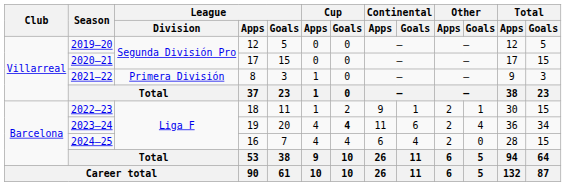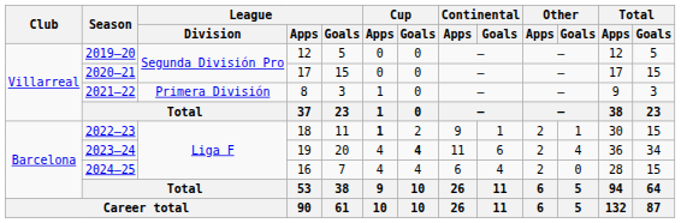 <table class=wikitable style=text-align:center>
 <tr>
 <th rowspan="2">Club</th>
 <th rowspan="2">Season</th>
 <th colspan="3">League</th>
 <th colspan="2">Cup</th>
 <th colspan="2">Continental</th>
 <th colspan="2">Other</th>
 <th colspan="2">Total</th>
 </tr>
 <tr>
 <th>Division</th>
 <th>Apps</th>
 <th>Goals</th>
 <th>Apps</th>
 <th>Goals</th>
 <th>Apps</th>
 <th>Goals</th>
 <th>Apps</th>
 <th>Goals</th>
 <th>Apps</th>
 <th>Goals</th>
 </tr>
 <tr>
 <td rowspan="4"><a href='#'>Villarreal</a></td>
 <td><a href='#'>2019–20</a></td>
 <td rowspan="2"><a href='#'>Segunda División Pro</a></td>
 <td>12</td>
 <td>5</td>
 <td>0</td>
 <td>0</td>
 <td colspan="2">–</td>
 <td colspan="2">–</td>
 <td>12</td>
 <td>5</td>
 </tr>
 <tr>
 <td><a href='#'>2020–21</a></td>
 <td>17</td>
 <td>15</td>
 <td>0</td>
 <td>0</td>
 <td colspan="2">–</td>
 <td colspan="2">–</td>
 <td>17</td>
 <td>15</td>
 </tr>
 <tr>
 <td><a href='#'>2021–22</a></td>
 <td><a href='#'>Primera División</a></td>
 <td>8</td>
 <td>3</td>
 <td>1</td>
 <td>0</td>
 <td colspan="2">–</td>
 <td colspan="2">–</td>
 <td>9</td>
 <td>3</td>
 </tr>
 <tr>
 <th colspan="2">Total</th>
 <th>37</th>
 <th>23</th>
 <th>1</th>
 <th>0</th>
 <th colspan="2">–</th>
 <th colspan="2">–</th>
 <th>38</th>
 <th>23</th>
 </tr>
 <tr>
 <td rowspan="4"><a href='#'>Barcelona</a></td>
 <td><a href='#'>2022–23</a></td>
 <td rowspan="3"><a href='#'>Liga F</a></td>
 <td>18</td>
 <td>11</td>
-<td>1</td>
+<td><strong>1</strong></td>
 <td>2</td>
 <td>9</td>
 <td>1</td>
 <td>2</td>
 <td>1</td>
 <td>30</td>
 <td>15</td>
 </tr>
 <tr>
 <td><a href='#'>2023–24</a></td>
 <td>19</td>
 <td>20</td>
 <td>4</td>
 <td><strong>4</strong></td>
 <td>11</td>
 <td>6</td>
 <td>2</td>
 <td>4</td>
 <td>36</td>
 <td>34</td>
 </tr>
 <tr>
 <td><a href='#'>2024–25</a></td>
 <td>16</td>
 <td>7</td>
 <td>4</td>
 <td>4</td>
 <td>6</td>
 <td>4</td>
 <td>2</td>
 <td>0</td>
 <td>28</td>
 <td>15</td>
 </tr>
 <tr>
 <th colspan="2">Total</th>
 <th>53</th>
 <th>38</th>
 <th>9</th>
 <th>10</th>
 <th>26</th>
 <th>11</th>
 <th>6</th>
 <th>5</th>
 <th>94</th>
 <th>64</th>
 </tr>
 <tr>
 <th colspan="3">Career total</th>
 <th>90</th>
 <th>61</th>
 <th>10</th>
 <th>10</th>
 <th>26</th>
 <th>11</th>
 <th>6</th>
 <th>5</th>
 <th>132</th>
 <th>87</th>
 </tr>
 </table>
